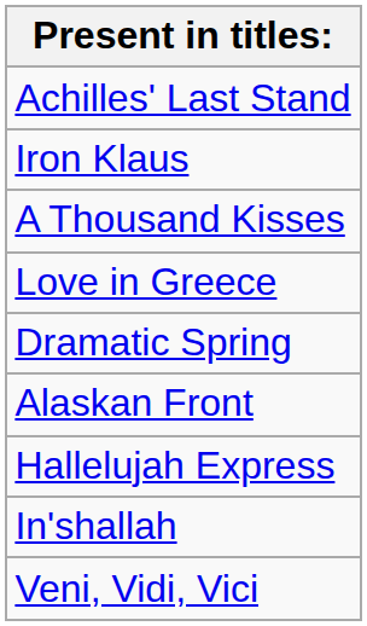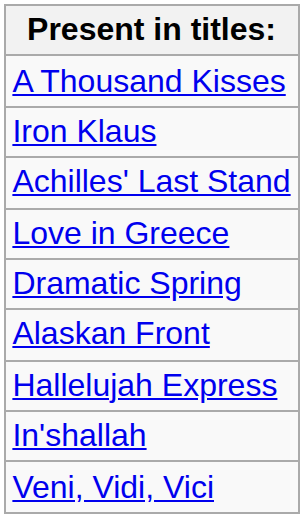 <table class="wikitable">
 <tr>
 <th>Present in titles:</th>
 </tr>
 <tr>
-<td><a href='#'>Achilles' Last Stand</a></td>
+<td><a href='#'>A Thousand Kisses</a></td>
 </tr>
 <tr>
 <td><a href='#'>Iron Klaus</a></td>
 </tr>
 <tr>
-<td><a href='#'>A Thousand Kisses</a></td>
+<td><a href='#'>Achilles' Last Stand</a></td>
 </tr>
 <tr>
 <td><a href='#'>Love in Greece</a></td>
 </tr>
 <tr>
 <td><a href='#'>Dramatic Spring</a></td>
 </tr>
 <tr>
 <td><a href='#'>Alaskan Front</a></td>
 </tr>
 <tr>
 <td><a href='#'>Hallelujah Express</a></td>
 </tr>
 <tr>
 <td><a href='#'>In'shallah</a></td>
 </tr>
 <tr>
 <td><a href='#'>Veni, Vidi, Vici</a></td>
 </tr>
 </table>
